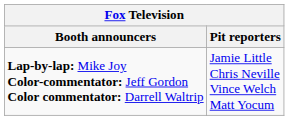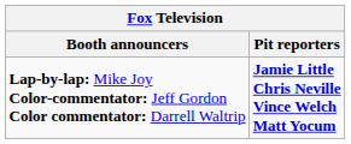 <table class="wikitable" style="font-size: 95%">
 <tr>
 <th colspan="2"><a href='#'>Fox</a> Television</th>
 </tr>
 <tr>
 <th>Booth announcers</th>
 <th>Pit reporters</th>
 </tr>
 <tr>
 <td><strong>Lap-by-lap:</strong> <a href='#'>Mike Joy</a> <br><strong>Color-commentator:</strong> <a href='#'>Jeff Gordon</a> <br><strong>Color commentator:</strong> <a href='#'>Darrell Waltrip</a></td>
-<td><a href='#'>Jamie Little</a><br><a href='#'>Chris Neville</a><br><a href='#'>Vince Welch</a><br><a href='#'>Matt Yocum</a></td>
+<td><strong><a href='#'>Jamie Little</a><br><a href='#'>Chris Neville</a><br><a href='#'>Vince Welch</a><br><a href='#'>Matt Yocum</a></strong></td>
 </tr>
 </table>
